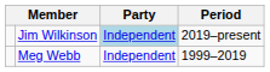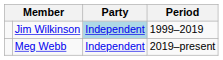 <table class="wikitable">
 <tr>
 <th colspan="2">Member</th>
 <th>Party</th>
 <th>Period</th>
 </tr>
 <tr>
 <td> </td>
 <td><a href='#'>Jim Wilkinson</a></td>
 <td style="background: lightblue;"><a href='#'>Independent</a></td>
-<td>2019–present</td>
+<td>1999–2019</td>
 </tr>
 <tr>
 <td> </td>
 <td><a href='#'>Meg Webb</a></td>
 <td><a href='#'>Independent</a></td>
-<td>1999–2019</td>
+<td>2019–present</td>
 </tr>
 </table>
